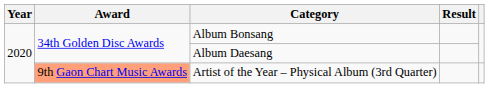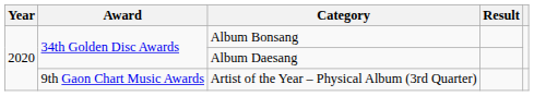 <table class="wikitable">
 <tr>
 <th>Year</th>
 <th>Award</th>
 <th>Category</th>
 <th>Result</th>
 <th></th>
 </tr>
 <tr>
 <td rowspan="3">2020</td>
 <td rowspan="2"><a href='#'>34th Golden Disc Awards</a></td>
 <td>Album Bonsang</td>
 <td></td>
 <td style="text-align:center" rowspan="2"></td>
 </tr>
 <tr>
 <td>Album Daesang</td>
 <td></td>
 </tr>
 <tr>
-<td style="background: lightsalmon;">9th <a href='#'>Gaon Chart Music Awards</a></td>
+<td>9th <a href='#'>Gaon Chart Music Awards</a></td>
 <td>Artist of the Year – Physical Album (3rd Quarter)</td>
 <td></td>
 <td style="text-align:center"></td>
 </tr>
 </table>
